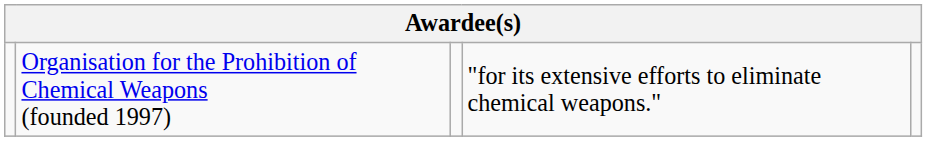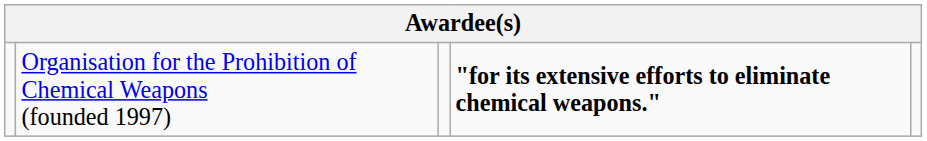 <table class="wikitable">
 <tr>
 <th colspan="5">Awardee(s)</th>
 </tr>
 <tr>
 <td></td>
 <td><a href='#'>Organisation for the Prohibition of Chemical Weapons</a><br>(founded 1997)</td>
 <td></td>
-<td>"for its extensive efforts to eliminate chemical weapons."</td>
+<td><strong>"for its extensive efforts to eliminate chemical weapons."</strong></td>
 <td></td>
 </tr>
 </table>
